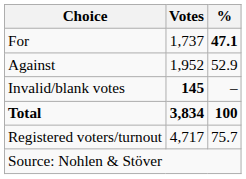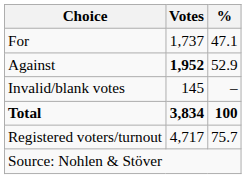 <table class=wikitable style=text-align:right>
 <tr>
 <th>Choice</th>
 <th>Votes</th>
 <th>%</th>
 </tr>
 <tr>
 <td align=left>For</td>
 <td>1,737</td>
-<td><strong>47.1</strong></td>
+<td>47.1</td>
 </tr>
 <tr>
 <td align=left>Against</td>
-<td>1,952</td>
+<td><strong>1,952</strong></td>
 <td>52.9</td>
 </tr>
 <tr>
 <td align=left>Invalid/blank votes</td>
-<td><strong>145</strong></td>
+<td>145</td>
 <td>–</td>
 </tr>
 <tr>
 <td align=left><strong>Total</strong></td>
 <td><strong>3,834</strong></td>
 <td><strong>100</strong></td>
 </tr>
 <tr>
 <td align=left>Registered voters/turnout</td>
 <td>4,717</td>
 <td>75.7</td>
 </tr>
 <tr>
 <td align=left colspan=3>Source: Nohlen & Stöver</td>
 </tr>
 </table>
